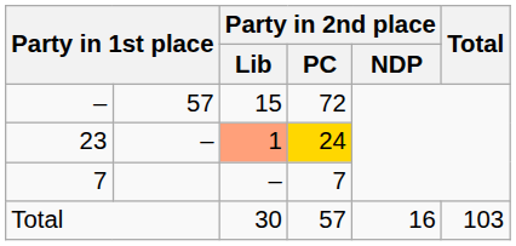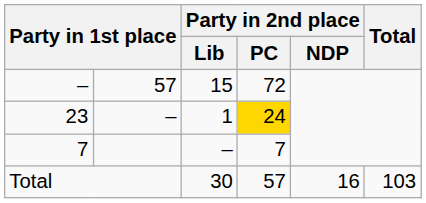 <table class="wikitable" style="text-align:right;">
 <tr>
 <th rowspan="2" colspan="2" style="text-align:left;">Party in 1st place</th>
 <th colspan="3">Party in 2nd place</th>
 <th rowspan="2">Total</th>
 </tr>
 <tr>
 <th>Lib</th>
 <th>PC</th>
 <th>NDP</th>
 </tr>
 <tr>
 <td>–</td>
 <td>57</td>
 <td>15</td>
 <td>72</td>
 </tr>
 <tr>
 <td>23</td>
 <td>–</td>
-<td style="background: lightsalmon;">1</td>
+<td>1</td>
 <td style="background: gold;">24</td>
 </tr>
 <tr>
 <td>7</td>
 <td></td>
 <td>–</td>
 <td>7</td>
 </tr>
 <tr>
 <td colspan="2" style="text-align:left;">Total</td>
 <td>30</td>
 <td>57</td>
 <td>16</td>
 <td>103</td>
 </tr>
 </table>
